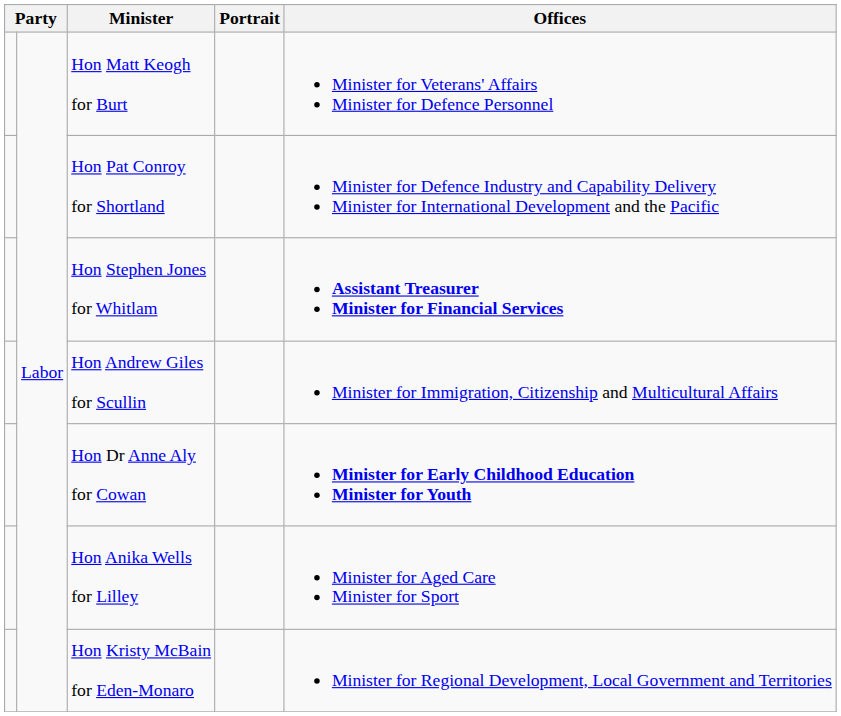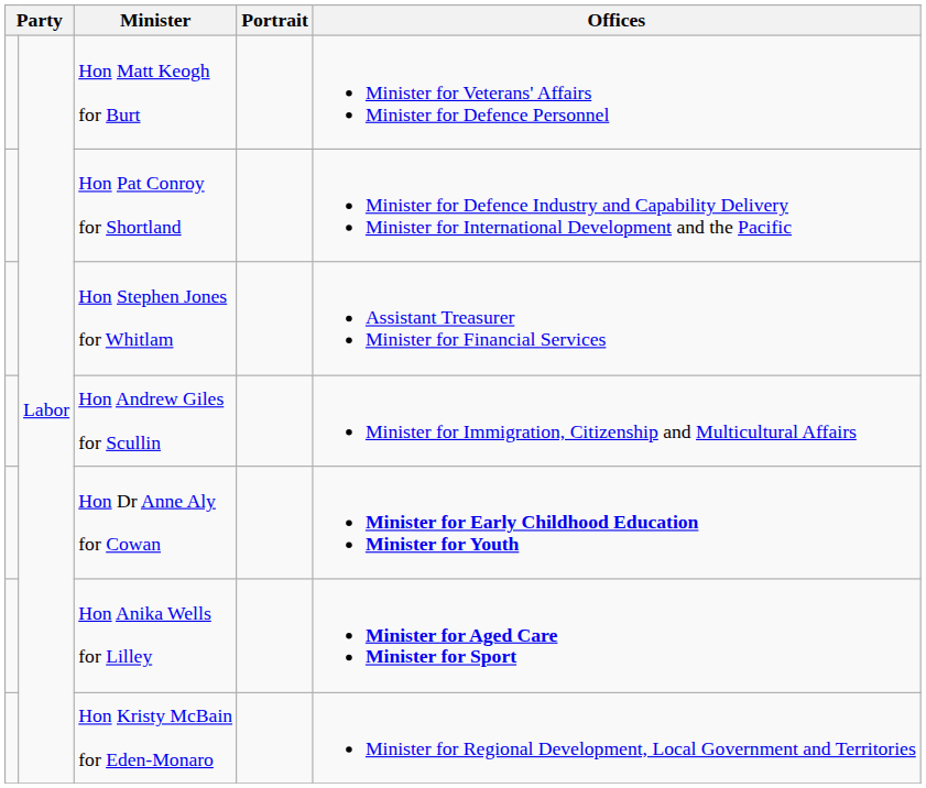 <table class="wikitable sortable">
 <tr>
 <th colspan="2">Party</th>
 <th>Minister</th>
 <th>Portrait</th>
 <th>Offices</th>
 </tr>
 <tr>
 <td> </td>
 <td rowspan=7><a href='#'>Labor</a></td>
 <td><a href='#'>Hon</a> <a href='#'>Matt Keogh</a> <br><br> for <a href='#'>Burt</a><br></td>
 <td></td>
 <td><br><ul><li><a href='#'>Minister for Veterans' Affairs</a></li><li><a href='#'>Minister for Defence Personnel</a></li></ul></td>
 </tr>
 <tr>
 <td> </td>
 <td><a href='#'>Hon</a> <a href='#'>Pat Conroy</a> <br><br> for <a href='#'>Shortland</a><br></td>
 <td></td>
 <td><br><ul><li><a href='#'>Minister for Defence Industry and Capability Delivery</a></li><li><a href='#'>Minister for International Development</a> and the <a href='#'>Pacific</a></li></ul></td>
 </tr>
 <tr>
 <td> </td>
 <td><a href='#'>Hon</a> <a href='#'>Stephen Jones</a> <br><br> for <a href='#'>Whitlam</a><br></td>
 <td></td>
-<td><strong><br><ul><li><a href='#'>Assistant Treasurer</a></li><li><a href='#'>Minister for Financial Services</a></li></ul></strong></td>
+<td><br><ul><li><a href='#'>Assistant Treasurer</a></li><li><a href='#'>Minister for Financial Services</a></li></ul></td>
 </tr>
 <tr>
 <td> </td>
 <td><a href='#'>Hon</a> <a href='#'>Andrew Giles</a> <br><br> for <a href='#'>Scullin</a><br></td>
 <td></td>
 <td><br><ul><li><a href='#'>Minister for Immigration, Citizenship</a> and <a href='#'>Multicultural Affairs</a></li></ul></td>
 </tr>
 <tr>
 <td> </td>
 <td><a href='#'>Hon</a> Dr <a href='#'>Anne Aly</a> <br><br> for <a href='#'>Cowan</a><br></td>
 <td></td>
 <td><strong><br><ul><li><a href='#'>Minister for Early Childhood Education</a></li><li><a href='#'>Minister for Youth</a></li></ul></strong></td>
 </tr>
 <tr>
 <td> </td>
 <td><a href='#'>Hon</a> <a href='#'>Anika Wells</a> <br><br> for <a href='#'>Lilley</a><br></td>
 <td></td>
-<td><br><ul><li><a href='#'>Minister for Aged Care</a></li><li><a href='#'>Minister for Sport</a></li></ul></td>
+<td><strong><br><ul><li><a href='#'>Minister for Aged Care</a></li><li><a href='#'>Minister for Sport</a></li></ul></strong></td>
 </tr>
 <tr>
 <td> </td>
 <td><a href='#'>Hon</a> <a href='#'>Kristy McBain</a> <br><br> for <a href='#'>Eden-Monaro</a><br></td>
 <td></td>
 <td><br><ul><li><a href='#'>Minister for Regional Development, Local Government and Territories</a></li></ul></td>
 </tr>
 </table>
